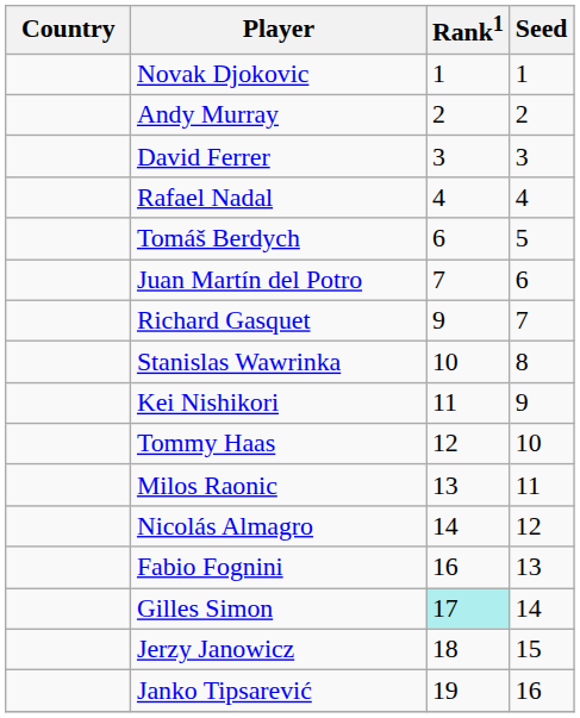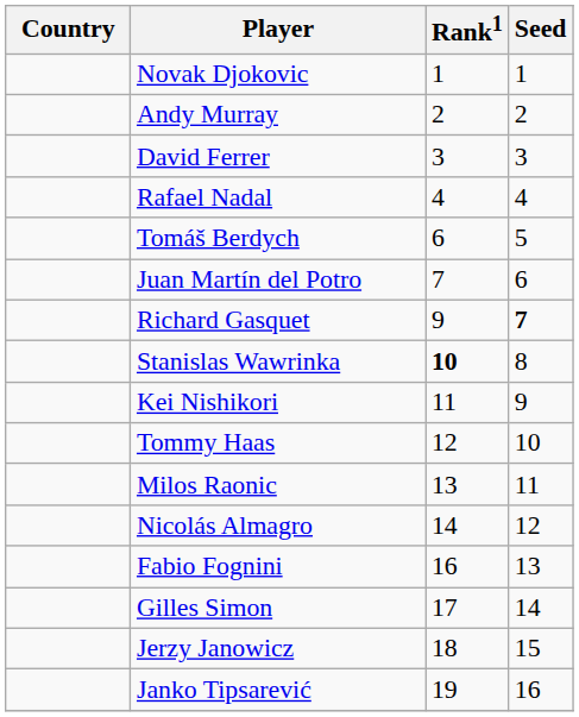 <table class="sortable wikitable">
 <tr>
 <th width="70">Country</th>
 <th width="175">Player</th>
 <th>Rank<sup>1</sup></th>
 <th>Seed</th>
 </tr>
 <tr>
 <td></td>
 <td><a href='#'>Novak Djokovic</a></td>
 <td>1</td>
 <td>1</td>
 </tr>
 <tr>
 <td></td>
 <td><a href='#'>Andy Murray</a></td>
 <td>2</td>
 <td>2</td>
 </tr>
 <tr>
 <td></td>
 <td><a href='#'>David Ferrer</a></td>
 <td>3</td>
 <td>3</td>
 </tr>
 <tr>
 <td></td>
 <td><a href='#'>Rafael Nadal</a></td>
 <td>4</td>
 <td>4</td>
 </tr>
 <tr>
 <td></td>
 <td><a href='#'>Tomáš Berdych</a></td>
 <td>6</td>
 <td>5</td>
 </tr>
 <tr>
 <td></td>
 <td><a href='#'>Juan Martín del Potro</a></td>
 <td>7</td>
 <td>6</td>
 </tr>
 <tr>
 <td></td>
 <td><a href='#'>Richard Gasquet</a></td>
 <td>9</td>
-<td>7</td>
+<td><strong>7</strong></td>
 </tr>
 <tr>
 <td></td>
 <td><a href='#'>Stanislas Wawrinka</a></td>
-<td>10</td>
+<td><strong>10</strong></td>
 <td>8</td>
 </tr>
 <tr>
 <td></td>
 <td><a href='#'>Kei Nishikori</a></td>
 <td>11</td>
 <td>9</td>
 </tr>
 <tr>
 <td></td>
 <td><a href='#'>Tommy Haas</a></td>
 <td>12</td>
 <td>10</td>
 </tr>
 <tr>
 <td></td>
 <td><a href='#'>Milos Raonic</a></td>
 <td>13</td>
 <td>11</td>
 </tr>
 <tr>
 <td></td>
 <td><a href='#'>Nicolás Almagro</a></td>
 <td>14</td>
 <td>12</td>
 </tr>
 <tr>
 <td></td>
 <td><a href='#'>Fabio Fognini</a></td>
 <td>16</td>
 <td>13</td>
 </tr>
 <tr>
 <td></td>
 <td><a href='#'>Gilles Simon</a></td>
-<td style="background: paleturquoise;">17</td>
+<td>17</td>
 <td>14</td>
 </tr>
 <tr>
 <td></td>
 <td><a href='#'>Jerzy Janowicz</a></td>
 <td>18</td>
 <td>15</td>
 </tr>
 <tr>
 <td></td>
 <td><a href='#'>Janko Tipsarević</a></td>
 <td>19</td>
 <td>16</td>
 </tr>
 <tr>
 </tr>
 </table>
